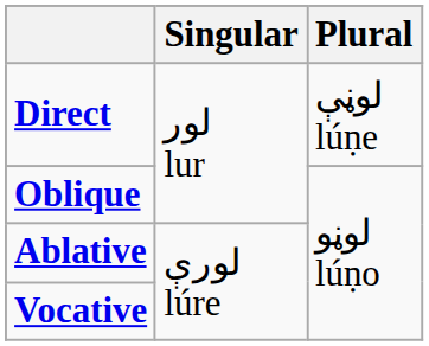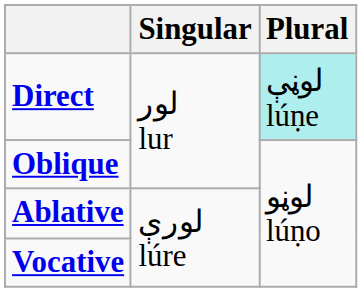 <table class="wikitable">
 <tr>
 <th></th>
 <th>Singular</th>
 <th>Plural</th>
 </tr>
 <tr>
 <td><strong><a href='#'>Direct</a></strong></td>
 <td rowspan="2">لور<br>lur</td>
-<td>لوڼې<br>lúṇe</td>
+<td style="background: paleturquoise;">لوڼې<br>lúṇe</td>
 </tr>
 <tr>
 <td><strong><a href='#'>Oblique</a></strong></td>
 <td rowspan="3">لوڼو<br>lúṇo</td>
 </tr>
 <tr>
 <td><strong><a href='#'>Ablative</a></strong></td>
 <td rowspan="2">لورې<br>lúre</td>
 </tr>
 <tr>
 <td><strong><a href='#'>Vocative</a></strong></td>
 </tr>
 </table>
